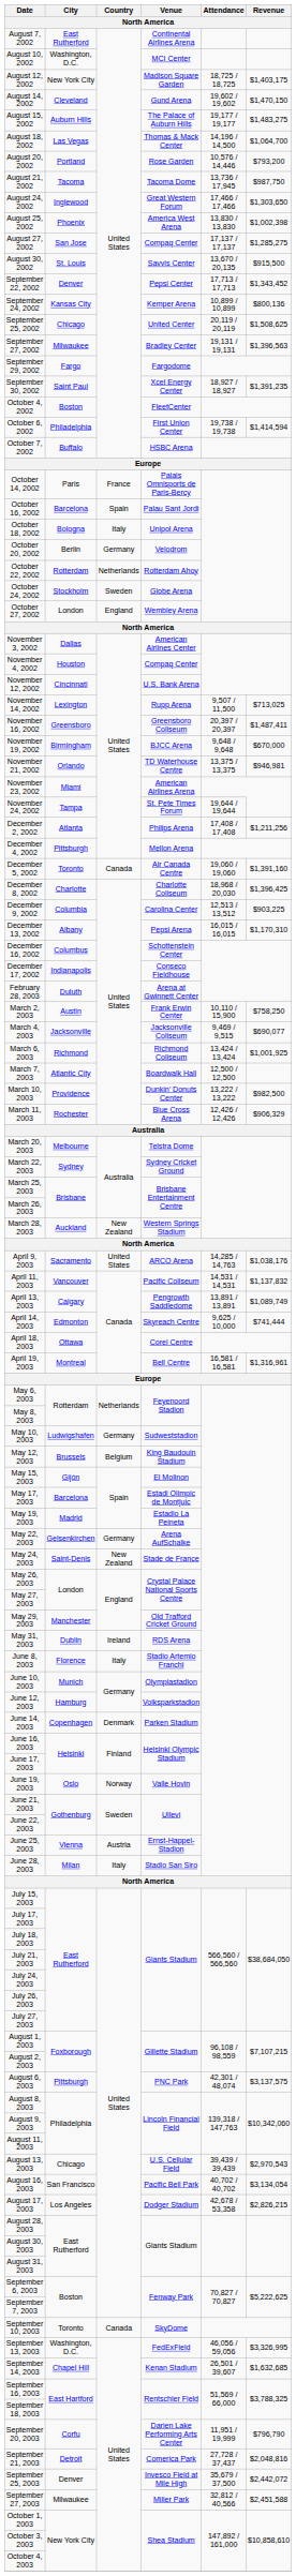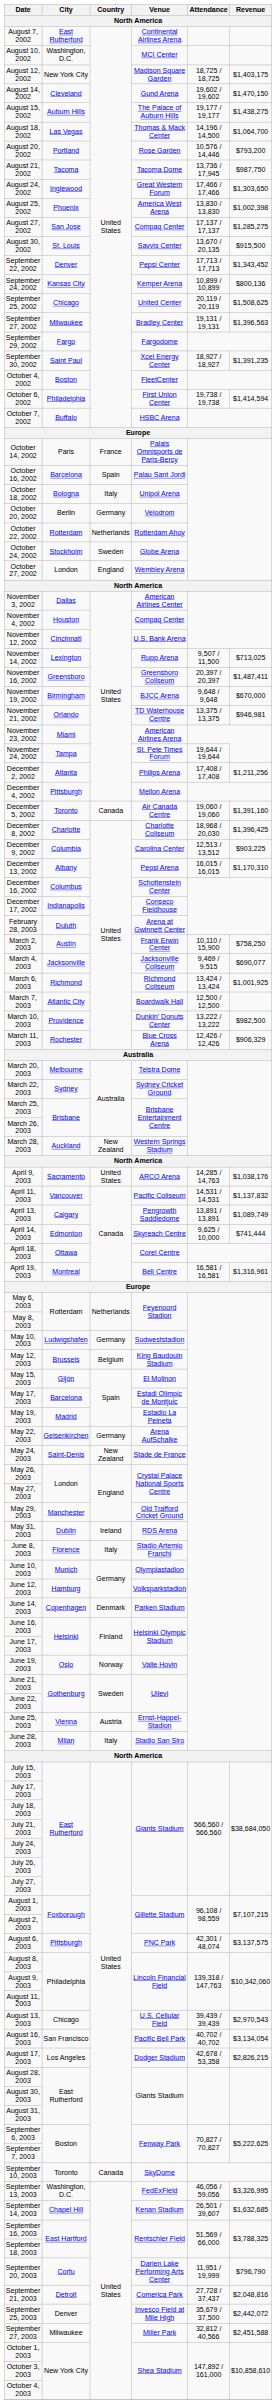 <table class="wikitable" style="text-align:center;">
 <tr>
 <th scope="col" style="width:12em;">Date</th>
 <th scope="col" style="width:12em;">City</th>
 <th scope="col" style="width:12em;">Country</th>
 <th scope="col" style="width:20em;">Venue</th>
 <th scope="col" style="width:10em;">Attendance</th>
 <th scope="col" style="width:10em;">Revenue</th>
 </tr>
 <tr>
 <th colspan="6">North America</th>
 </tr>
 <tr>
 <td>August 7, 2002</td>
 <td><a href='#'>East Rutherford</a></td>
 <td rowspan="21">United States</td>
 <td><a href='#'>Continental Airlines Arena</a></td>
 <td></td>
 <td></td>
 </tr>
 <tr>
 <td>August 10, 2002</td>
 <td>Washington, D.C.</td>
 <td><a href='#'>MCI Center</a></td>
 <td></td>
 <td></td>
 </tr>
 <tr>
 <td>August 12, 2002</td>
 <td>New York City</td>
 <td><a href='#'>Madison Square Garden</a></td>
 <td rowspan="1">18,725 / 18,725</td>
 <td rowspan="1">$1,403,175</td>
 </tr>
 <tr>
 <td>August 14, 2002</td>
 <td><a href='#'>Cleveland</a></td>
 <td><a href='#'>Gund Arena</a></td>
 <td rowspan="1">19,602 / 19,602</td>
 <td rowspan="1">$1,470,150</td>
 </tr>
 <tr>
 <td>August 15, 2002</td>
 <td><a href='#'>Auburn Hills</a></td>
 <td><a href='#'>The Palace of Auburn Hills</a></td>
 <td rowspan="1">19,177 / 19,177</td>
-<td rowspan="1">$1,483,275</td>
+<td rowspan="1">$1,438,275</td>
 </tr>
 <tr>
 <td>August 18, 2002</td>
 <td><a href='#'>Las Vegas</a></td>
 <td><a href='#'>Thomas & Mack Center</a></td>
 <td rowspan="1">14,196 / 14,500</td>
 <td rowspan="1">$1,064,700</td>
 </tr>
 <tr>
 <td>August 20, 2002</td>
 <td><a href='#'>Portland</a></td>
 <td><a href='#'>Rose Garden</a></td>
 <td rowspan="1">10,576 / 14,446</td>
 <td rowspan="1">$793,200</td>
 </tr>
 <tr>
 <td>August 21, 2002</td>
 <td><a href='#'>Tacoma</a></td>
 <td><a href='#'>Tacoma Dome</a></td>
 <td rowspan="1">13,736 / 17,945</td>
 <td rowspan="1">$987,750</td>
 </tr>
 <tr>
 <td>August 24, 2002</td>
 <td><a href='#'>Inglewood</a></td>
 <td><a href='#'>Great Western Forum</a></td>
 <td rowspan="1">17,466 / 17,466</td>
 <td rowspan="1">$1,303,650</td>
 </tr>
 <tr>
 <td>August 25, 2002</td>
 <td><a href='#'>Phoenix</a></td>
 <td><a href='#'>America West Arena</a></td>
 <td rowspan="1">13,830 / 13,830</td>
 <td rowspan="1">$1,002,398</td>
 </tr>
 <tr>
 <td>August 27, 2002</td>
 <td><a href='#'>San Jose</a></td>
 <td><a href='#'>Compaq Center</a></td>
 <td rowspan="1">17,137 / 17,137</td>
 <td rowspan="1">$1,285,275</td>
 </tr>
 <tr>
 <td>August 30, 2002</td>
 <td><a href='#'>St. Louis</a></td>
 <td><a href='#'>Savvis Center</a></td>
 <td rowspan="1">13,670 / 20,135</td>
 <td rowspan="1">$915,500</td>
 </tr>
 <tr>
 <td>September 22, 2002</td>
 <td><a href='#'>Denver</a></td>
 <td><a href='#'>Pepsi Center</a></td>
 <td rowspan="1">17,713 / 17,713</td>
 <td rowspan="1">$1,343,452</td>
 </tr>
 <tr>
 <td>September 24, 2002</td>
 <td><a href='#'>Kansas City</a></td>
 <td><a href='#'>Kemper Arena</a></td>
 <td rowspan="1">10,899 / 10,899</td>
 <td rowspan="1">$800,136</td>
 </tr>
 <tr>
 <td>September 25, 2002</td>
 <td><a href='#'>Chicago</a></td>
 <td><a href='#'>United Center</a></td>
 <td rowspan="1">20,119 / 20,119</td>
 <td rowspan="1">$1,508,625</td>
 </tr>
 <tr>
 <td>September 27, 2002</td>
 <td><a href='#'>Milwaukee</a></td>
 <td><a href='#'>Bradley Center</a></td>
 <td rowspan="1">19,131 / 19,131</td>
 <td rowspan="1">$1,396,563</td>
 </tr>
 <tr>
 <td>September 29, 2002</td>
 <td><a href='#'>Fargo</a></td>
 <td><a href='#'>Fargodome</a></td>
 </tr>
 <tr>
 <td>September 30, 2002</td>
 <td><a href='#'>Saint Paul</a></td>
 <td><a href='#'>Xcel Energy Center</a></td>
 <td rowspan="1">18,927 / 18,927</td>
 <td rowspan="1">$1,391,235</td>
 </tr>
 <tr>
 <td>October 4, 2002</td>
 <td><a href='#'>Boston</a></td>
 <td><a href='#'>FleetCenter</a></td>
 </tr>
 <tr>
 <td>October 6, 2002</td>
 <td><a href='#'>Philadelphia</a></td>
 <td><a href='#'>First Union Center</a></td>
 <td rowspan="1">19,738 / 19,738</td>
 <td rowspan="1">$1,414,594</td>
 </tr>
 <tr>
 <td>October 7, 2002</td>
 <td><a href='#'>Buffalo</a></td>
 <td><a href='#'>HSBC Arena</a></td>
 </tr>
 <tr>
 <th colspan="6">Europe</th>
 </tr>
 <tr>
 <td>October 14, 2002</td>
 <td>Paris</td>
 <td>France</td>
 <td><a href='#'>Palais Omnisports de Paris-Bercy</a></td>
 </tr>
 <tr>
 <td>October 16, 2002</td>
 <td><a href='#'>Barcelona</a></td>
 <td>Spain</td>
 <td><a href='#'>Palau Sant Jordi</a></td>
 </tr>
 <tr>
 <td>October 18, 2002</td>
 <td><a href='#'>Bologna</a></td>
 <td>Italy</td>
 <td><a href='#'>Unipol Arena</a></td>
 </tr>
 <tr>
 <td>October 20, 2002</td>
 <td>Berlin</td>
 <td>Germany</td>
 <td><a href='#'>Velodrom</a></td>
 </tr>
 <tr>
 <td>October 22, 2002</td>
 <td><a href='#'>Rotterdam</a></td>
 <td>Netherlands</td>
 <td><a href='#'>Rotterdam Ahoy</a></td>
 </tr>
 <tr>
 <td>October 24, 2002</td>
 <td><a href='#'>Stockholm</a></td>
 <td>Sweden</td>
 <td><a href='#'>Globe Arena</a></td>
 </tr>
 <tr>
 <td>October 27, 2002</td>
 <td>London</td>
 <td>England</td>
 <td><a href='#'>Wembley Arena</a></td>
 </tr>
 <tr>
 <th colspan="6">North America</th>
 </tr>
 <tr>
 <td>November 3, 2002</td>
 <td><a href='#'>Dallas</a></td>
 <td rowspan="11">United States</td>
 <td><a href='#'>American Airlines Center</a></td>
 </tr>
 <tr>
 <td>November 4, 2002</td>
 <td><a href='#'>Houston</a></td>
 <td><a href='#'>Compaq Center</a></td>
 </tr>
 <tr>
 <td>November 12, 2002</td>
 <td><a href='#'>Cincinnati</a></td>
 <td><a href='#'>U.S. Bank Arena</a></td>
 </tr>
 <tr>
 <td>November 14, 2002</td>
 <td><a href='#'>Lexington</a></td>
 <td><a href='#'>Rupp Arena</a></td>
 <td rowspan="1">9,507 / 11,500</td>
 <td rowspan="1">$713,025</td>
 </tr>
 <tr>
 <td>November 16, 2002</td>
 <td><a href='#'>Greensboro</a></td>
 <td><a href='#'>Greensboro Coliseum</a></td>
 <td rowspan="1">20,397 / 20,397</td>
 <td rowspan="1">$1,487,411</td>
 </tr>
 <tr>
 <td>November 19, 2002</td>
 <td><a href='#'>Birmingham</a></td>
 <td><a href='#'>BJCC Arena</a></td>
 <td rowspan="1">9,648 / 9,648</td>
 <td rowspan="1">$670,000</td>
 </tr>
 <tr>
 <td>November 21, 2002</td>
 <td><a href='#'>Orlando</a></td>
 <td><a href='#'>TD Waterhouse Centre</a></td>
 <td rowspan="1">13,375 / 13,375</td>
 <td rowspan="1">$946,981</td>
 </tr>
 <tr>
 <td>November 23, 2002</td>
 <td><a href='#'>Miami</a></td>
 <td><a href='#'>American Airlines Arena</a></td>
 </tr>
 <tr>
 <td>November 24, 2002</td>
 <td><a href='#'>Tampa</a></td>
 <td><a href='#'>St. Pete Times Forum</a></td>
 <td>19,644 / 19,644</td>
 </tr>
 <tr>
 <td>December 2, 2002</td>
 <td><a href='#'>Atlanta</a></td>
 <td><a href='#'>Philips Arena</a></td>
 <td rowspan="1">17,408 / 17,408</td>
 <td rowspan="1">$1,211,256</td>
 </tr>
 <tr>
 <td>December 4, 2002</td>
 <td><a href='#'>Pittsburgh</a></td>
 <td><a href='#'>Mellon Arena</a></td>
 </tr>
 <tr>
 <td>December 5, 2002</td>
 <td><a href='#'>Toronto</a></td>
 <td>Canada</td>
 <td><a href='#'>Air Canada Centre</a></td>
 <td rowspan="1">19,060 / 19,060</td>
 <td rowspan="1">$1,391,160</td>
 </tr>
 <tr>
 <td>December 8, 2002</td>
 <td><a href='#'>Charlotte</a></td>
 <td rowspan="12">United States</td>
 <td><a href='#'>Charlotte Coliseum</a></td>
 <td rowspan="1">18,968 / 20,030</td>
 <td rowspan="1">$1,396,425</td>
 </tr>
 <tr>
 <td>December 9, 2002</td>
 <td><a href='#'>Columbia</a></td>
 <td><a href='#'>Carolina Center</a></td>
 <td rowspan="1">12,513 / 13,512</td>
 <td rowspan="1">$903,225</td>
 </tr>
 <tr>
 <td>December 13, 2002</td>
 <td><a href='#'>Albany</a></td>
 <td><a href='#'>Pepsi Arena</a></td>
 <td rowspan="1">16,015 / 16,015</td>
 <td rowspan="1">$1,170,310</td>
 </tr>
 <tr>
 <td>December 16, 2002</td>
 <td><a href='#'>Columbus</a></td>
 <td><a href='#'>Schottenstein Center</a></td>
 </tr>
 <tr>
 <td>December 17, 2002</td>
 <td><a href='#'>Indianapolis</a></td>
 <td><a href='#'>Conseco Fieldhouse</a></td>
 </tr>
 <tr>
 <td>February 28, 2003</td>
 <td><a href='#'>Duluth</a></td>
 <td><a href='#'>Arena at Gwinnett Center</a></td>
 </tr>
 <tr>
 <td>March 2, 2003</td>
 <td><a href='#'>Austin</a></td>
 <td><a href='#'>Frank Erwin Center</a></td>
 <td rowspan="1">10,110 / 15,900</td>
 <td rowspan="1">$758,250</td>
 </tr>
 <tr>
 <td>March 4, 2003</td>
 <td><a href='#'>Jacksonville</a></td>
 <td><a href='#'>Jacksonville Coliseum</a></td>
 <td rowspan="1">9,469 / 9,515</td>
 <td rowspan="1">$690,077</td>
 </tr>
 <tr>
 <td>March 6, 2003</td>
 <td><a href='#'>Richmond</a></td>
 <td><a href='#'>Richmond Coliseum</a></td>
 <td rowspan="1">13,424 / 13,424</td>
 <td rowspan="1">$1,001,925</td>
 </tr>
 <tr>
 <td>March 7, 2003</td>
 <td><a href='#'>Atlantic City</a></td>
 <td><a href='#'>Boardwalk Hall</a></td>
 <td>12,500 / 12,500</td>
 </tr>
 <tr>
 <td>March 10, 2003</td>
 <td><a href='#'>Providence</a></td>
 <td><a href='#'>Dunkin' Donuts Center</a></td>
 <td rowspan="1">13,222 / 13,222</td>
 <td rowspan="1">$982,500</td>
 </tr>
 <tr>
 <td>March 11, 2003</td>
 <td><a href='#'>Rochester</a></td>
 <td><a href='#'>Blue Cross Arena</a></td>
 <td rowspan="1">12,426 / 12,426</td>
 <td rowspan="1">$906,329</td>
 </tr>
 <tr>
 <th colspan="6">Australia</th>
 </tr>
 <tr>
 <td>March 20, 2003</td>
 <td><a href='#'>Melbourne</a></td>
 <td rowspan="4">Australia</td>
 <td><a href='#'>Telstra Dome</a></td>
 </tr>
 <tr>
 <td>March 22, 2003</td>
 <td><a href='#'>Sydney</a></td>
 <td><a href='#'>Sydney Cricket Ground</a></td>
 </tr>
 <tr>
 <td>March 25, 2003</td>
 <td rowspan="2"><a href='#'>Brisbane</a></td>
 <td rowspan="2"><a href='#'>Brisbane Entertainment Centre</a></td>
 </tr>
 <tr>
 <td>March 26, 2003</td>
 </tr>
 <tr>
 <td>March 28, 2003</td>
 <td><a href='#'>Auckland</a></td>
 <td>New Zealand</td>
 <td><a href='#'>Western Springs Stadium</a></td>
 </tr>
 <tr>
 <th colspan="6">North America</th>
 </tr>
 <tr>
 <td>April 9, 2003</td>
 <td><a href='#'>Sacramento</a></td>
 <td>United States</td>
 <td><a href='#'>ARCO Arena</a></td>
 <td rowspan="1">14,285 / 14,763</td>
 <td rowspan="1">$1,038,176</td>
 </tr>
 <tr>
 <td>April 11, 2003</td>
 <td><a href='#'>Vancouver</a></td>
 <td rowspan="5">Canada</td>
 <td><a href='#'>Pacific Coliseum</a></td>
 <td rowspan="1">14,531 / 14,531</td>
 <td rowspan="1">$1,137,832</td>
 </tr>
 <tr>
 <td>April 13, 2003</td>
 <td><a href='#'>Calgary</a></td>
 <td><a href='#'>Pengrowth Saddledome</a></td>
 <td rowspan="1">13,891 / 13,891</td>
 <td rowspan="1">$1,089,749</td>
 </tr>
 <tr>
 <td>April 14, 2003</td>
 <td><a href='#'>Edmonton</a></td>
 <td><a href='#'>Skyreach Centre</a></td>
 <td rowspan="1">9,625 / 10,000</td>
 <td rowspan="1">$741,444</td>
 </tr>
 <tr>
 <td>April 18, 2003</td>
 <td><a href='#'>Ottawa</a></td>
 <td><a href='#'>Corel Centre</a></td>
 </tr>
 <tr>
 <td>April 19, 2003</td>
 <td><a href='#'>Montreal</a></td>
 <td><a href='#'>Bell Centre</a></td>
 <td rowspan="1">16,581 / 16,581</td>
 <td rowspan="1">$1,316,961</td>
 </tr>
 <tr>
 <th colspan="6">Europe</th>
 </tr>
 <tr>
 <td>May 6, 2003</td>
 <td rowspan="2">Rotterdam</td>
 <td rowspan="2">Netherlands</td>
 <td rowspan="2"><a href='#'>Feyenoord Stadion</a></td>
 </tr>
 <tr>
 <td>May 8, 2003</td>
 </tr>
 <tr>
 <td>May 10, 2003</td>
 <td><a href='#'>Ludwigshafen</a></td>
 <td>Germany</td>
 <td><a href='#'>Sudweststadion</a></td>
 </tr>
 <tr>
 <td>May 12, 2003</td>
 <td><a href='#'>Brussels</a></td>
 <td>Belgium</td>
 <td><a href='#'>King Baudouin Stadium</a></td>
 </tr>
 <tr>
 <td>May 15, 2003</td>
 <td><a href='#'>Gijón</a></td>
 <td rowspan="3">Spain</td>
 <td><a href='#'>El Molinon</a></td>
 </tr>
 <tr>
 <td>May 17, 2003</td>
 <td><a href='#'>Barcelona</a></td>
 <td><a href='#'>Estadi Olimpic de Montjuic</a></td>
 </tr>
 <tr>
 <td>May 19, 2003</td>
 <td><a href='#'>Madrid</a></td>
 <td><a href='#'>Estadio La Peineta</a></td>
 </tr>
 <tr>
 <td>May 22, 2003</td>
 <td><a href='#'>Gelsenkirchen</a></td>
 <td>Germany</td>
 <td><a href='#'>Arena AufSchalke</a></td>
 </tr>
 <tr>
 <td>May 24, 2003</td>
 <td><a href='#'>Saint-Denis</a></td>
 <td>New Zealand</td>
 <td><a href='#'>Stade de France</a></td>
 </tr>
 <tr>
 <td>May 26, 2003</td>
 <td rowspan="2">London</td>
 <td rowspan="3">England</td>
 <td rowspan="2"><a href='#'>Crystal Palace National Sports Centre</a></td>
 </tr>
 <tr>
 <td>May 27, 2003</td>
 </tr>
 <tr>
 <td>May 29, 2003</td>
 <td><a href='#'>Manchester</a></td>
 <td><a href='#'>Old Trafford Cricket Ground</a></td>
 </tr>
 <tr>
 <td>May 31, 2003</td>
 <td><a href='#'>Dublin</a></td>
 <td>Ireland</td>
 <td><a href='#'>RDS Arena</a></td>
 </tr>
 <tr>
 <td>June 8, 2003</td>
 <td><a href='#'>Florence</a></td>
 <td>Italy</td>
 <td><a href='#'>Stadio Artemio Franchi</a></td>
 </tr>
 <tr>
 <td>June 10, 2003</td>
 <td><a href='#'>Munich</a></td>
 <td rowspan="2">Germany</td>
 <td><a href='#'>Olympiastadion</a></td>
 </tr>
 <tr>
 <td>June 12, 2003</td>
 <td><a href='#'>Hamburg</a></td>
 <td><a href='#'>Volksparkstadion</a></td>
 </tr>
 <tr>
 <td>June 14, 2003</td>
 <td><a href='#'>Copenhagen</a></td>
 <td>Denmark</td>
 <td><a href='#'>Parken Stadium</a></td>
 </tr>
 <tr>
 <td>June 16, 2003</td>
 <td rowspan="2"><a href='#'>Helsinki</a></td>
 <td rowspan="2">Finland</td>
 <td rowspan="2"><a href='#'>Helsinki Olympic Stadium</a></td>
 </tr>
 <tr>
 <td>June 17, 2003</td>
 </tr>
 <tr>
 <td>June 19, 2003</td>
 <td><a href='#'>Oslo</a></td>
 <td>Norway</td>
 <td><a href='#'>Valle Hovin</a></td>
 </tr>
 <tr>
 <td>June 21, 2003</td>
 <td rowspan="2"><a href='#'>Gothenburg</a></td>
 <td rowspan="2">Sweden</td>
 <td rowspan="2"><a href='#'>Ullevi</a></td>
 </tr>
 <tr>
 <td>June 22, 2003</td>
 </tr>
 <tr>
 <td>June 25, 2003</td>
 <td><a href='#'>Vienna</a></td>
 <td>Austria</td>
 <td><a href='#'>Ernst-Happel-Stadion</a></td>
 </tr>
 <tr>
 <td>June 28, 2003</td>
 <td><a href='#'>Milan</a></td>
 <td>Italy</td>
 <td><a href='#'>Stadio San Siro</a></td>
 </tr>
 <tr>
 <th colspan="6">North America</th>
 </tr>
 <tr>
 <td>July 15, 2003</td>
 <td rowspan="7"><a href='#'>East Rutherford</a></td>
 <td rowspan="21">United States</td>
 <td rowspan="7"><a href='#'>Giants Stadium</a></td>
 <td rowspan="7">566,560 / 566,560</td>
 <td rowspan="7">$38,684,050</td>
 </tr>
 <tr>
 <td>July 17, 2003</td>
 </tr>
 <tr>
 <td>July 18, 2003</td>
 </tr>
 <tr>
 <td>July 21, 2003</td>
 </tr>
 <tr>
 <td>July 24, 2003</td>
 </tr>
 <tr>
 <td>July 26, 2003</td>
 </tr>
 <tr>
 <td>July 27, 2003</td>
 </tr>
 <tr>
 <td>August 1, 2003</td>
 <td rowspan="2"><a href='#'>Foxborough</a></td>
 <td rowspan="2"><a href='#'>Gillette Stadium</a></td>
 <td rowspan="2">96,108 / 98,559</td>
 <td rowspan="2">$7,107,215</td>
 </tr>
 <tr>
 <td>August 2, 2003</td>
 </tr>
 <tr>
 <td>August 6, 2003</td>
 <td><a href='#'>Pittsburgh</a></td>
 <td><a href='#'>PNC Park</a></td>
 <td rowspan="1">42,301 / 48,074</td>
 <td rowspan="1">$3,137,575</td>
 </tr>
 <tr>
 <td>August 8, 2003</td>
 <td rowspan="3">Philadelphia</td>
 <td rowspan="3"><a href='#'>Lincoln Financial Field</a></td>
 <td rowspan="3">139,318 / 147,763</td>
 <td rowspan="3">$10,342,060</td>
 </tr>
 <tr>
 <td>August 9, 2003</td>
 </tr>
 <tr>
 <td>August 11, 2003</td>
 </tr>
 <tr>
 <td>August 13, 2003</td>
 <td>Chicago</td>
 <td><a href='#'>U.S. Cellular Field</a></td>
 <td rowspan="1">39,439 / 39,439</td>
 <td rowspan="1">$2,970,543</td>
 </tr>
 <tr>
 <td>August 16, 2003</td>
 <td>San Francisco</td>
 <td><a href='#'>Pacific Bell Park</a></td>
 <td rowspan="1">40,702 / 40,702</td>
 <td rowspan="1">$3,134,054</td>
 </tr>
 <tr>
 <td>August 17, 2003</td>
 <td>Los Angeles</td>
 <td><a href='#'>Dodger Stadium</a></td>
 <td rowspan="1">42,678 / 53,358</td>
 <td rowspan="1">$2,826,215</td>
 </tr>
 <tr>
 <td>August 28, 2003</td>
 <td rowspan="3">East Rutherford</td>
 <td rowspan="3">Giants Stadium</td>
 <td rowspan="3"></td>
 <td rowspan="3"></td>
 </tr>
 <tr>
 <td>August 30, 2003</td>
 </tr>
 <tr>
 <td>August 31, 2003</td>
 </tr>
 <tr>
 <td>September 6, 2003</td>
 <td rowspan="2">Boston</td>
 <td rowspan="2"><a href='#'>Fenway Park</a></td>
 <td rowspan="2">70,827 / 70,827</td>
 <td rowspan="2">$5,222,625</td>
 </tr>
 <tr>
 <td>September 7, 2003</td>
 </tr>
 <tr>
 <td>September 10, 2003</td>
 <td>Toronto</td>
 <td>Canada</td>
 <td><a href='#'>SkyDome</a></td>
 </tr>
 <tr>
 <td>September 13, 2003</td>
 <td>Washington, D.C.</td>
 <td rowspan="11">United States</td>
 <td><a href='#'>FedExField</a></td>
 <td rowspan="1">46,056 / 59,056</td>
 <td rowspan="1">$3,326,995</td>
 </tr>
 <tr>
 <td>September 14, 2003</td>
 <td><a href='#'>Chapel Hill</a></td>
 <td><a href='#'>Kenan Stadium</a></td>
 <td rowspan="1">26,501 / 39,607</td>
 <td rowspan="1">$1,632,685</td>
 </tr>
 <tr>
 <td>September 16, 2003</td>
 <td rowspan="2"><a href='#'>East Hartford</a></td>
 <td rowspan="2"><a href='#'>Rentschler Field</a></td>
 <td rowspan="2">51,569 / 66,000</td>
 <td rowspan="2">$3,788,325</td>
 </tr>
 <tr>
 <td>September 18, 2003</td>
 </tr>
 <tr>
 <td>September 20, 2003</td>
 <td><a href='#'>Corfu</a></td>
 <td><a href='#'>Darien Lake Performing Arts Center</a></td>
 <td rowspan="1">11,951 / 19,999</td>
 <td rowspan="1">$796,790</td>
 </tr>
 <tr>
 <td>September 21, 2003</td>
 <td><a href='#'>Detroit</a></td>
 <td><a href='#'>Comerica Park</a></td>
 <td rowspan="1">27,728 / 37,437</td>
 <td rowspan="1">$2,048,816</td>
 </tr>
 <tr>
 <td>September 25, 2003</td>
 <td>Denver</td>
 <td><a href='#'>Invesco Field at Mile High</a></td>
 <td rowspan="1">35,679 / 37,500</td>
 <td rowspan="1">$2,442,072</td>
 </tr>
 <tr>
 <td>September 27, 2003</td>
 <td>Milwaukee</td>
 <td><a href='#'>Miller Park</a></td>
 <td rowspan="1">32,812 / 40,566</td>
 <td rowspan="1">$2,451,588</td>
 </tr>
 <tr>
 <td>October 1, 2003</td>
 <td rowspan="3">New York City</td>
 <td rowspan="3"><a href='#'>Shea Stadium</a></td>
 <td rowspan="3">147,892 / 161,000</td>
 <td rowspan="3">$10,858,610</td>
 </tr>
 <tr>
 <td>October 3, 2003</td>
 </tr>
 <tr>
 <td>October 4, 2003</td>
 </tr>
 <tr>
 </tr>
 </table>
